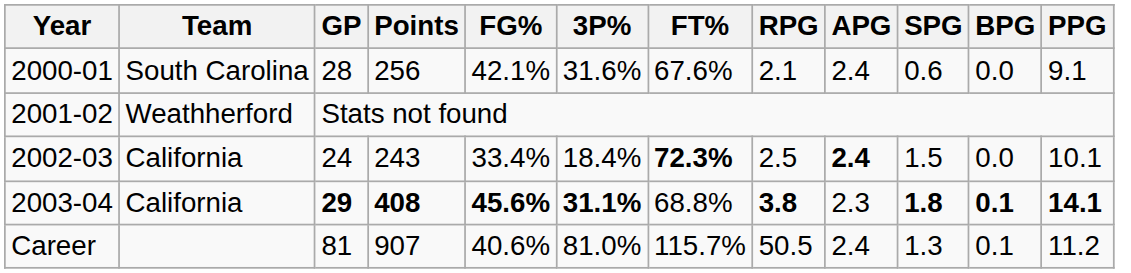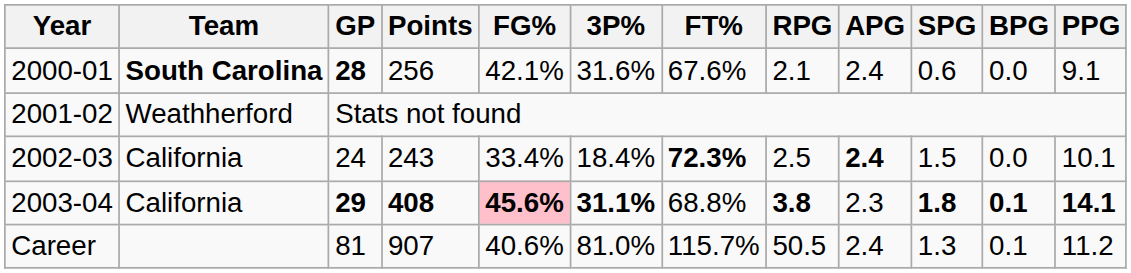 <table class="wikitable">
 <tr>
 <th>Year</th>
 <th>Team</th>
 <th>GP</th>
 <th>Points</th>
 <th>FG%</th>
 <th>3P%</th>
 <th>FT%</th>
 <th>RPG</th>
 <th>APG</th>
 <th>SPG</th>
 <th>BPG</th>
 <th>PPG</th>
 </tr>
 <tr>
 <td>2000-01</td>
-<td>South Carolina</td>
-<td>28</td>
+<td><strong>South Carolina</strong></td>
+<td><strong>28</strong></td>
 <td>256</td>
 <td>42.1%</td>
 <td>31.6%</td>
 <td>67.6%</td>
 <td>2.1</td>
 <td>2.4</td>
 <td>0.6</td>
 <td>0.0</td>
 <td>9.1</td>
 </tr>
 <tr>
 <td>2001-02</td>
 <td>Weathherford</td>
 <td colspan="10">Stats not found</td>
 </tr>
 <tr>
 <td>2002-03</td>
 <td>California</td>
 <td>24</td>
 <td>243</td>
 <td>33.4%</td>
 <td>18.4%</td>
 <td><strong>72.3%</strong></td>
 <td>2.5</td>
 <td><strong>2.4</strong></td>
 <td>1.5</td>
 <td>0.0</td>
 <td>10.1</td>
 </tr>
 <tr>
 <td>2003-04</td>
 <td>California</td>
 <td><strong>29</strong></td>
 <td><strong>408</strong></td>
-<td><strong>45.6%</strong></td>
+<td style="background: pink;"><strong>45.6%</strong></td>
 <td><strong>31.1%</strong></td>
 <td>68.8%</td>
 <td><strong>3.8</strong></td>
 <td>2.3</td>
 <td><strong>1.8</strong></td>
 <td><strong>0.1</strong></td>
 <td><strong>14.1</strong></td>
 </tr>
 <tr>
 <td>Career</td>
 <td></td>
 <td>81</td>
 <td>907</td>
 <td>40.6%</td>
 <td>81.0%</td>
 <td>115.7%</td>
 <td>50.5</td>
 <td>2.4</td>
 <td>1.3</td>
 <td>0.1</td>
 <td>11.2</td>
 </tr>
 </table>
